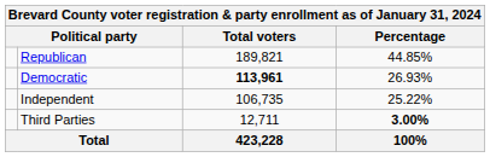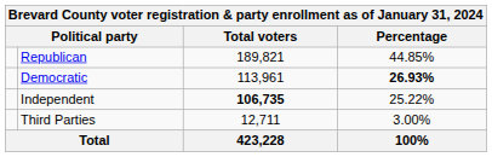 <table class="wikitable">
 <tr>
 <th colspan="6">Brevard County voter registration & party enrollment as of January 31, 2024</th>
 </tr>
 <tr>
 <th colspan="2">Political party</th>
 <th>Total voters</th>
 <th>Percentage</th>
 </tr>
 <tr>
 <td></td>
 <td><a href='#'>Republican</a></td>
 <td align = center>189,821</td>
 <td align = center>44.85%</td>
 </tr>
 <tr>
 <td></td>
 <td><a href='#'>Democratic</a></td>
-<td align = center><strong>113,961</strong></td>
-<td align = center>26.93%</td>
+<td align = center>113,961</td>
+<td align = center><strong>26.93%</strong></td>
 </tr>
 <tr>
 <td></td>
 <td>Independent</td>
-<td align = center>106,735</td>
+<td align = center><strong>106,735</strong></td>
 <td align = center>25.22%</td>
 </tr>
 <tr>
 <td></td>
 <td>Third Parties</td>
 <td align = center>12,711</td>
-<td align = center><strong>3.00%</strong></td>
+<td align = center>3.00%</td>
 </tr>
 <tr>
 <th colspan="2">Total</th>
 <th align="center">423,228</th>
 <th align="center">100%</th>
 </tr>
 </table>
